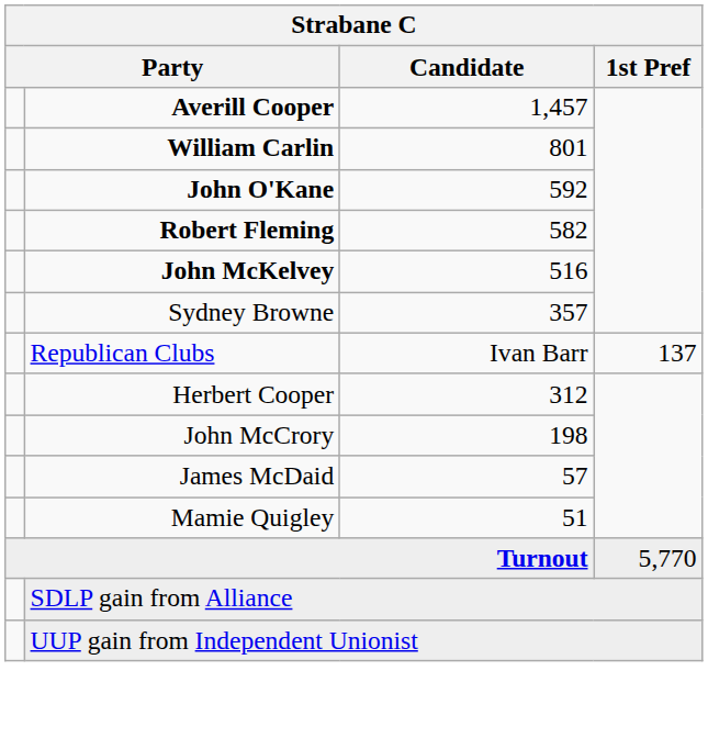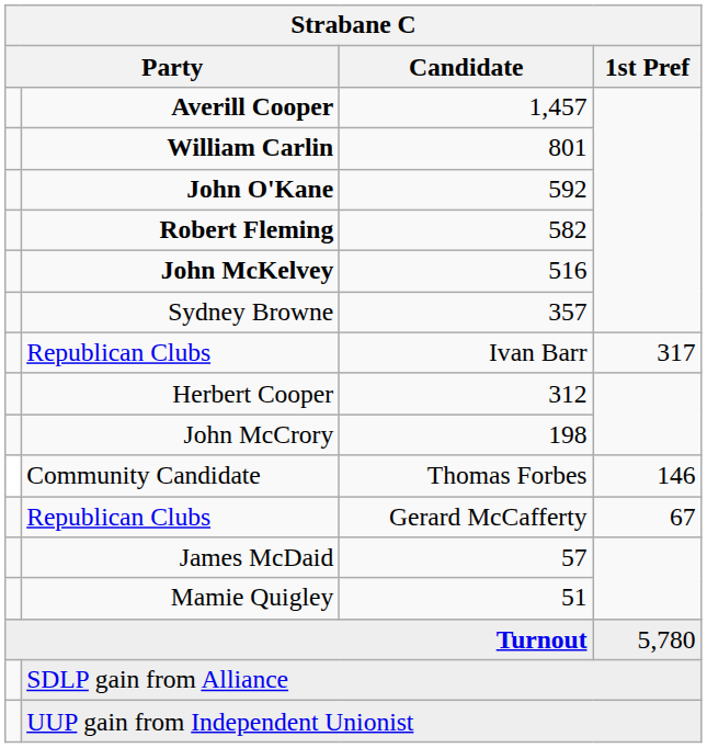 <table class="wikitable">
 <tr>
 <th colspan="4" align="center">Strabane C</th>
 </tr>
 <tr>
 <th colspan="2" align="center" width=200>Party</th>
 <th width=150>Candidate</th>
 <th width=60>1st Pref</th>
 </tr>
 <tr>
 <td></td>
 <td align="right"><strong>Averill Cooper</strong></td>
 <td align="right">1,457</td>
 </tr>
 <tr>
 <td></td>
 <td align="right"><strong>William Carlin</strong></td>
 <td align="right">801</td>
 </tr>
 <tr>
 <td></td>
 <td align="right"><strong>John O'Kane</strong></td>
 <td align="right">592</td>
 </tr>
 <tr>
 <td></td>
 <td align="right"><strong>Robert Fleming</strong></td>
 <td align="right">582</td>
 </tr>
 <tr>
 <td></td>
 <td align="right"><strong>John McKelvey</strong></td>
 <td align="right">516</td>
 </tr>
 <tr>
 <td></td>
 <td align="right">Sydney Browne</td>
 <td align="right">357</td>
 </tr>
 <tr>
 <td style="background-color: "></td>
 <td><a href='#'>Republican Clubs</a></td>
 <td align="right">Ivan Barr</td>
-<td align="right">137</td>
+<td align="right">317</td>
 </tr>
 <tr>
 <td></td>
 <td align="right">Herbert Cooper</td>
 <td align="right">312</td>
 </tr>
 <tr>
 <td></td>
 <td align="right">John McCrory</td>
 <td align="right">198</td>
+</tr>
+<tr>
+<td style="background-color: #FFFFFF"></td>
+<td>Community Candidate</td>
+<td align="right">Thomas Forbes</td>
+<td align="right">146</td>
+</tr>
+<tr>
+<td style="background-color: "></td>
+<td><a href='#'>Republican Clubs</a></td>
+<td align="right">Gerard McCafferty</td>
+<td align="right">67</td>
 </tr>
 <tr>
 <td></td>
 <td align="right">James McDaid</td>
 <td align="right">57</td>
 </tr>
 <tr>
 <td></td>
 <td align="right">Mamie Quigley</td>
 <td align="right">51</td>
 </tr>
 <tr bgcolor="EEEEEE">
 <td colspan=3 align="right"><strong><a href='#'>Turnout</a></strong></td>
-<td align="right">5,770</td>
+<td align="right">5,780</td>
 </tr>
 <tr>
 <td bgcolor=></td>
 <td colspan=3 bgcolor="EEEEEE"><a href='#'>SDLP</a> gain from <a href='#'>Alliance</a></td>
 </tr>
 <tr>
 <td bgcolor=></td>
 <td colspan=3 bgcolor="EEEEEE"><a href='#'>UUP</a> gain from <a href='#'>Independent Unionist</a></td>
 </tr>
 </table>
